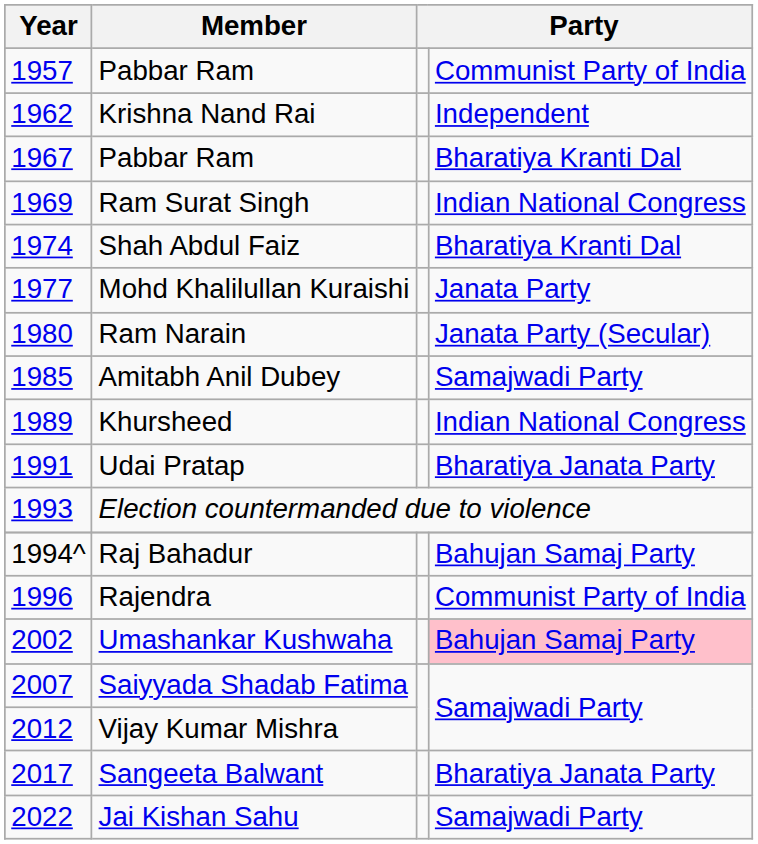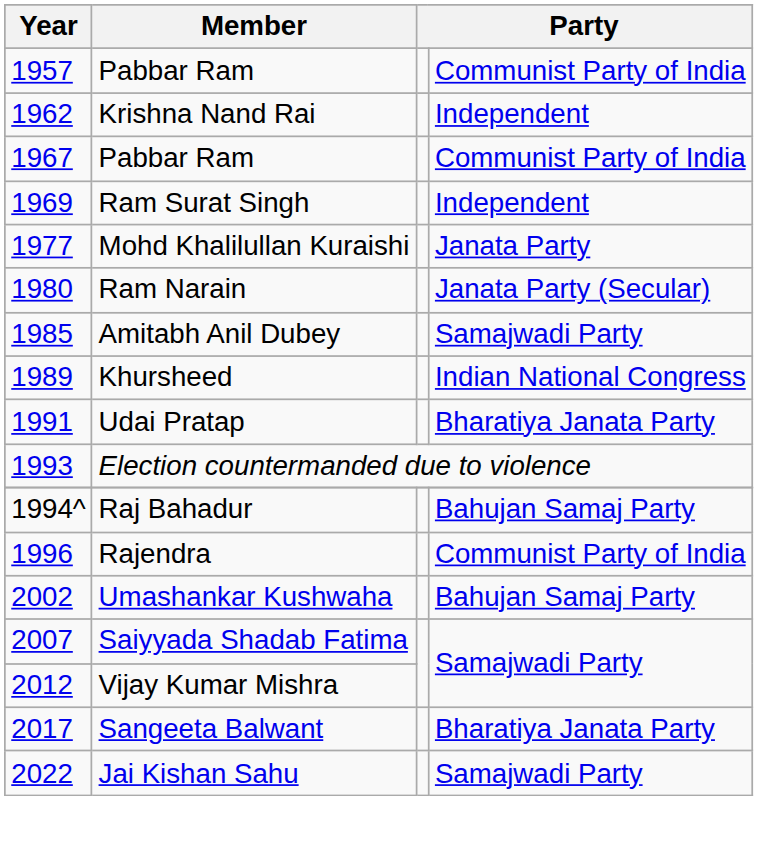 <table class="wikitable">
 <tr>
 <th>Year</th>
 <th>Member</th>
 <th colspan="2">Party</th>
 </tr>
 <tr>
 <td><a href='#'>1957</a></td>
 <td>Pabbar Ram</td>
 <td style="background-color: "></td>
 <td><a href='#'>Communist Party of India</a></td>
 </tr>
 <tr>
 <td><a href='#'>1962</a></td>
 <td>Krishna Nand Rai</td>
 <td style="background-color: "></td>
 <td><a href='#'>Independent</a></td>
 </tr>
 <tr>
 <td><a href='#'>1967</a></td>
 <td>Pabbar Ram</td>
 <td style="background-color: "></td>
-<td><a href='#'>Bharatiya Kranti Dal</a></td>
+<td><a href='#'>Communist Party of India</a></td>
 </tr>
 <tr>
 <td><a href='#'>1969</a></td>
 <td>Ram Surat Singh</td>
 <td style="background-color: "></td>
-<td><a href='#'>Indian National Congress</a></td>
-</tr>
-<tr>
-<td><a href='#'>1974</a></td>
-<td>Shah Abdul Faiz</td>
-<td style="background-color: "></td>
-<td><a href='#'>Bharatiya Kranti Dal</a></td>
+<td><a href='#'>Independent</a></td>
 </tr>
 <tr>
 <td><a href='#'>1977</a></td>
 <td>Mohd Khalilullan Kuraishi</td>
 <td style="background-color: "></td>
 <td><a href='#'>Janata Party</a></td>
 </tr>
 <tr>
 <td><a href='#'>1980</a></td>
 <td>Ram Narain</td>
 <td style="background-color: "></td>
 <td><a href='#'>Janata Party (Secular)</a></td>
 </tr>
 <tr>
 <td><a href='#'>1985</a></td>
 <td>Amitabh Anil Dubey</td>
 <td style="background-color: "></td>
 <td><a href='#'>Samajwadi Party</a></td>
 </tr>
 <tr>
 <td><a href='#'>1989</a></td>
 <td>Khursheed</td>
 <td style="background-color: "></td>
 <td><a href='#'>Indian National Congress</a></td>
 </tr>
 <tr>
 <td><a href='#'>1991</a></td>
 <td>Udai Pratap</td>
 <td style="background-color: "></td>
 <td><a href='#'>Bharatiya Janata Party</a></td>
 </tr>
 <tr>
 <td><a href='#'>1993</a></td>
 <td colspan="3"><em>Election countermanded due to violence</em></td>
 </tr>
 <tr>
 </tr>
 <tr>
 <td>1994^</td>
 <td>Raj Bahadur</td>
 <td style="background-color: "></td>
 <td><a href='#'>Bahujan Samaj Party</a></td>
 </tr>
 <tr>
 <td><a href='#'>1996</a></td>
 <td>Rajendra</td>
 <td style="background-color: "></td>
 <td><a href='#'>Communist Party of India</a></td>
 </tr>
 <tr>
 <td><a href='#'>2002</a></td>
 <td><a href='#'>Umashankar Kushwaha</a></td>
 <td style="background-color: "></td>
-<td style="background: pink;"><a href='#'>Bahujan Samaj Party</a></td>
+<td><a href='#'>Bahujan Samaj Party</a></td>
 </tr>
 <tr>
 <td><a href='#'>2007</a></td>
 <td><a href='#'>Saiyyada Shadab Fatima</a></td>
 <td rowspan="2" style="background-color: "></td>
 <td rowspan="2"><a href='#'>Samajwadi Party</a></td>
 </tr>
 <tr>
 <td><a href='#'>2012</a></td>
 <td>Vijay Kumar Mishra</td>
 </tr>
 <tr>
 <td><a href='#'>2017</a></td>
 <td><a href='#'>Sangeeta Balwant</a></td>
 <td style="background-color: "></td>
 <td><a href='#'>Bharatiya Janata Party</a></td>
 </tr>
 <tr>
 <td><a href='#'>2022</a></td>
 <td><a href='#'>Jai Kishan Sahu</a></td>
 <td style="background-color: "></td>
 <td><a href='#'>Samajwadi Party</a></td>
 </tr>
 </table>
